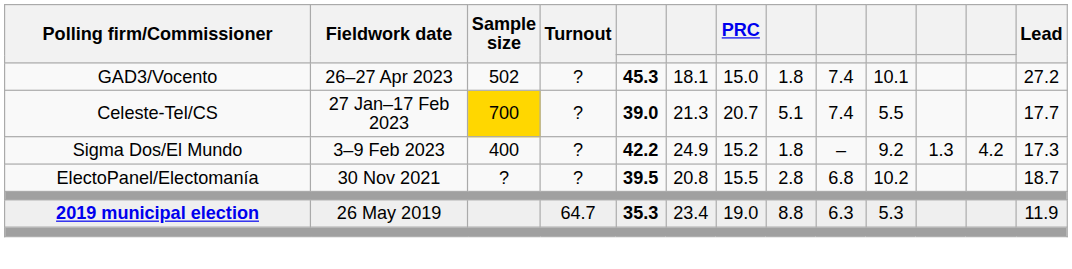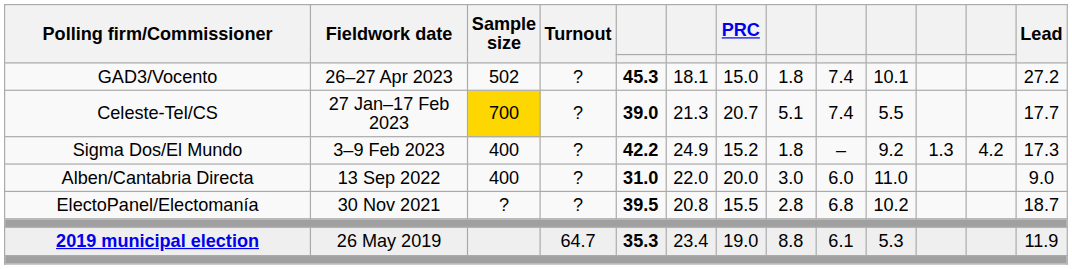 <table class="wikitable collapsible" style="text-align:center; font-size:95%; line-height:16px;">
 <tr style="height:42px;">
 <th style="width:250px;" rowspan="2">Polling firm/Commissioner</th>
 <th style="width:125px;" rowspan="2">Fieldwork date</th>
 <th style="width:50px;" rowspan="2">Sample size</th>
 <th style="width:45px;" rowspan="2">Turnout</th>
 <th style="width:35px;"></th>
 <th style="width:35px;"></th>
 <th style="width:35px;"><a href='#'>PRC</a></th>
 <th style="width:35px;"></th>
 <th style="width:35px;"></th>
 <th style="width:35px;"></th>
 <th style="width:35px;"></th>
 <th style="width:35px;"></th>
 <th style="width:30px;" rowspan="2">Lead</th>
 </tr>
 <tr>
 <th style="color:inherit;background:"></th>
 <th style="color:inherit;background:"></th>
 <th style="color:inherit;background:"></th>
 <th style="color:inherit;background:"></th>
 <th style="color:inherit;background:"></th>
 <th style="color:inherit;background:"></th>
 <th style="color:inherit;background:"></th>
 <th style="color:inherit;background:"></th>
 </tr>
 <tr>
 <td>GAD3/Vocento</td>
 <td>26–27 Apr 2023</td>
 <td>502</td>
 <td>?</td>
 <td><strong>45.3</strong><br></td>
 <td>18.1<br></td>
 <td>15.0<br></td>
 <td>1.8<br></td>
 <td>7.4<br></td>
 <td>10.1<br></td>
 <td></td>
 <td></td>
 <td style="background:">27.2</td>
 </tr>
 <tr>
 <td>Celeste-Tel/CS</td>
 <td>27 Jan–17 Feb 2023</td>
 <td style="background: gold;">700</td>
 <td>?</td>
 <td><strong>39.0</strong><br></td>
 <td>21.3<br></td>
 <td>20.7<br></td>
 <td>5.1<br></td>
 <td>7.4<br></td>
 <td>5.5<br></td>
 <td></td>
 <td></td>
 <td style="background:">17.7</td>
 </tr>
 <tr>
 <td>Sigma Dos/El Mundo</td>
 <td>3–9 Feb 2023</td>
 <td>400</td>
 <td>?</td>
 <td><strong>42.2</strong><br></td>
 <td>24.9<br></td>
 <td>15.2<br></td>
 <td>1.8<br></td>
 <td>–</td>
 <td>9.2<br></td>
 <td>1.3<br></td>
 <td>4.2<br></td>
 <td style="background:">17.3</td>
 </tr>
 <tr>
+<td>Alben/Cantabria Directa</td>
+<td>13 Sep 2022</td>
+<td>400</td>
+<td>?</td>
+<td><strong>31.0</strong><br></td>
+<td>22.0<br></td>
+<td>20.0<br></td>
+<td>3.0<br></td>
+<td>6.0<br></td>
+<td>11.0<br></td>
+<td></td>
+<td></td>
+<td style="background:">9.0</td>
+</tr>
+<tr>
 <td>ElectoPanel/Electomanía</td>
 <td>30 Nov 2021</td>
 <td>?</td>
 <td>?</td>
 <td><strong>39.5</strong><br></td>
 <td>20.8<br></td>
 <td>15.5<br></td>
 <td>2.8<br></td>
 <td>6.8<br></td>
 <td>10.2<br></td>
 <td></td>
 <td></td>
 <td style="background:">18.7</td>
 </tr>
 <tr>
 <td colspan="13" style="background:#A0A0A0"></td>
 </tr>
 <tr style="background:#EFEFEF;">
 <td><strong><a href='#'>2019 municipal election</a></strong></td>
 <td>26 May 2019</td>
 <td></td>
 <td>64.7</td>
 <td><strong>35.3</strong><br></td>
 <td>23.4<br></td>
 <td>19.0<br></td>
 <td>8.8<br></td>
-<td>6.3<br></td>
+<td>6.1<br></td>
 <td>5.3<br></td>
 <td></td>
 <td></td>
 <td style="background:">11.9</td>
 </tr>
 <tr>
 <td colspan="13" style="background:#A0A0A0"></td>
 </tr>
 </table>
